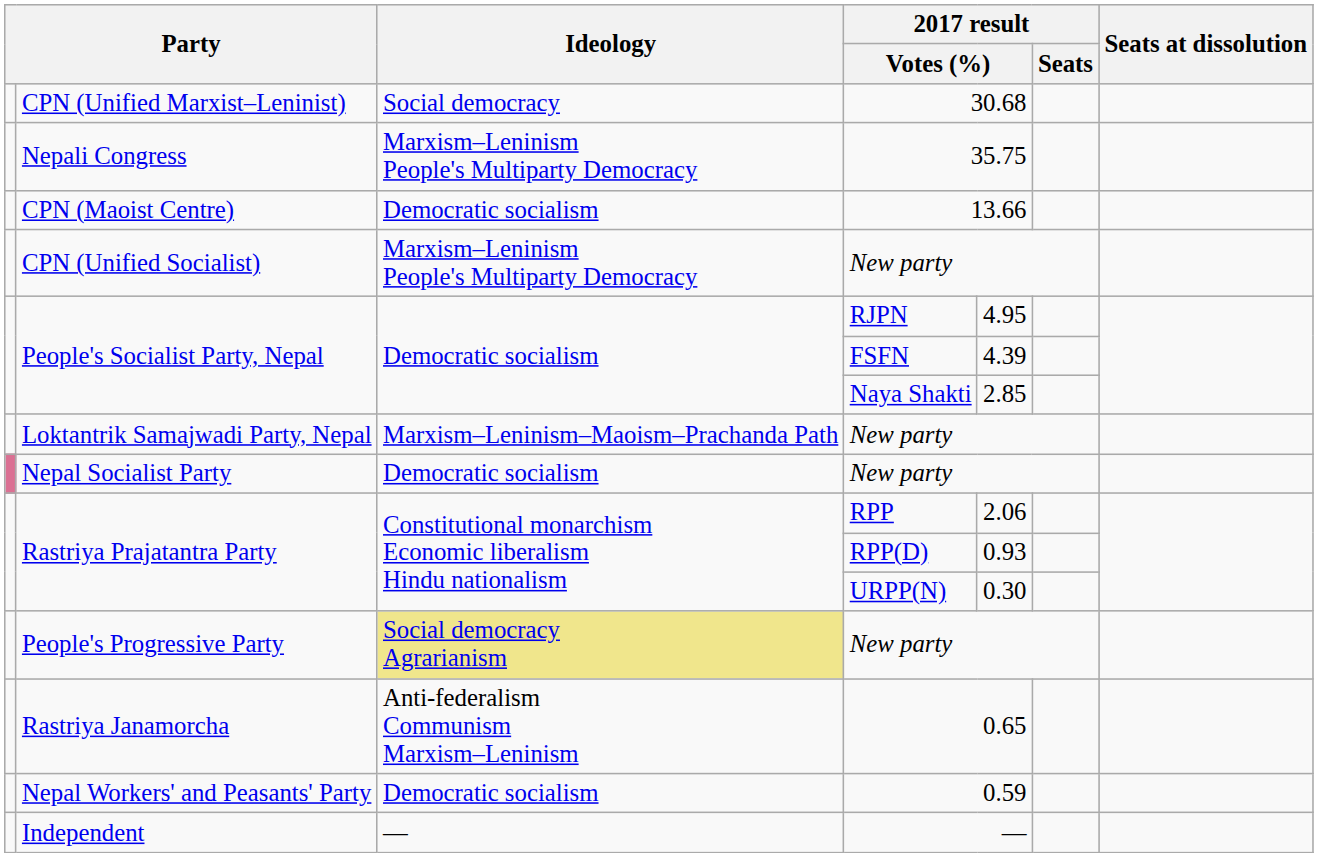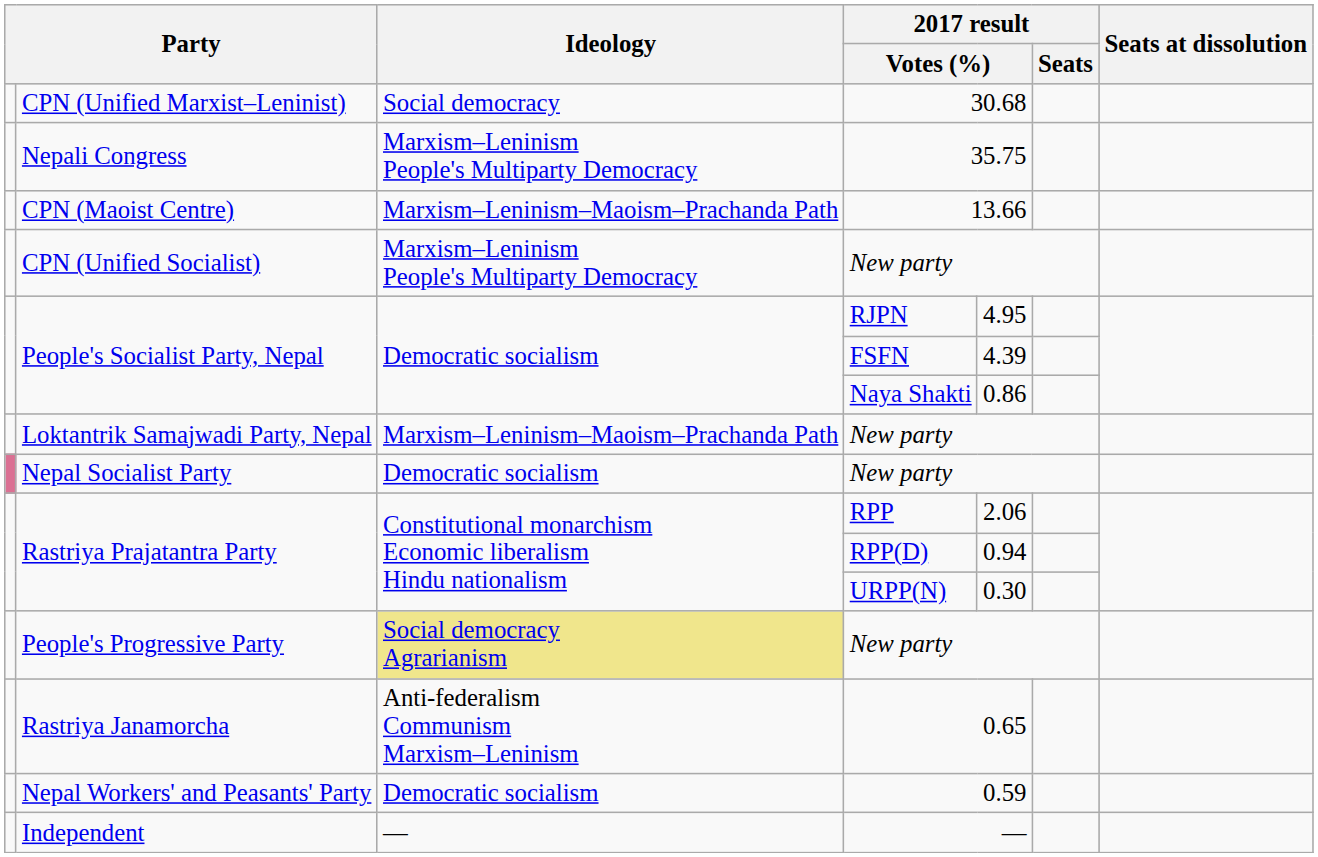 <table class="wikitable">
 <tr>
 <th colspan="2" rowspan="2">Party</th>
 <th rowspan="2">Ideology</th>
 <th colspan="3">2017 result</th>
 <th rowspan="2">Seats at dissolution</th>
 </tr>
 <tr>
 <th colspan="2">Votes (%)</th>
 <th>Seats</th>
 </tr>
 <tr>
 <td></td>
 <td><a href='#'>CPN (Unified Marxist–Leninist)</a></td>
 <td><a href='#'>Social democracy</a></td>
 <td colspan="2" align=right>30.68</td>
 <td></td>
 <td></td>
 </tr>
 <tr>
 <td></td>
 <td><a href='#'>Nepali Congress</a></td>
 <td><a href='#'>Marxism–Leninism</a><br><a href='#'>People's Multiparty Democracy</a></td>
 <td colspan="2" align="right">35.75</td>
 <td></td>
 <td></td>
 </tr>
 <tr>
 <td></td>
 <td><a href='#'>CPN (Maoist Centre)</a></td>
-<td><a href='#'>Democratic socialism</a></td>
+<td><a href='#'>Marxism–Leninism–Maoism–Prachanda Path</a></td>
 <td colspan="2" align="right">13.66</td>
 <td></td>
 <td></td>
 </tr>
 <tr>
 <td></td>
 <td><a href='#'>CPN (Unified Socialist)</a></td>
 <td><a href='#'>Marxism–Leninism</a><br><a href='#'>People's Multiparty Democracy</a></td>
 <td colspan="3"><em>New party</em></td>
 <td></td>
 </tr>
 <tr>
 <td rowspan="3"></td>
 <td rowspan="3"><a href='#'>People's Socialist Party, Nepal</a></td>
 <td rowspan="3"><a href='#'>Democratic socialism</a></td>
 <td><a href='#'>RJPN</a></td>
 <td>4.95</td>
 <td></td>
 <td rowspan="3"></td>
 </tr>
 <tr>
 <td><a href='#'>FSFN</a></td>
 <td>4.39</td>
 <td></td>
 </tr>
 <tr>
 <td><a href='#'>Naya Shakti</a></td>
-<td>2.85</td>
+<td>0.86</td>
 <td></td>
 </tr>
 <tr>
 <td></td>
 <td><a href='#'>Loktantrik Samajwadi Party, Nepal</a></td>
 <td><a href='#'>Marxism–Leninism–Maoism–Prachanda Path</a></td>
 <td colspan="3"><em>New party</em></td>
 <td></td>
 </tr>
 <tr>
 <td bgcolor=#db7093></td>
 <td><a href='#'>Nepal Socialist Party</a></td>
 <td><a href='#'>Democratic socialism</a></td>
 <td colspan="3"><em>New party</em></td>
 <td></td>
 </tr>
 <tr>
 <td rowspan="3"></td>
 <td rowspan="3"><a href='#'>Rastriya Prajatantra Party</a></td>
 <td rowspan="3"><a href='#'>Constitutional monarchism</a><br><a href='#'>Economic liberalism</a><br><a href='#'>Hindu nationalism</a></td>
 <td><a href='#'>RPP</a></td>
 <td>2.06</td>
 <td></td>
 <td rowspan="3"></td>
 </tr>
 <tr>
 <td><a href='#'>RPP(D)</a></td>
-<td>0.93</td>
+<td>0.94</td>
 <td></td>
 </tr>
 <tr>
 <td><a href='#'>URPP(N)</a></td>
 <td>0.30</td>
 <td></td>
 </tr>
 <tr>
 <td></td>
 <td><a href='#'>People's Progressive Party</a></td>
 <td style="background: khaki;"><a href='#'>Social democracy</a><br><a href='#'>Agrarianism</a></td>
 <td colspan="3"><em>New party</em></td>
 <td></td>
 </tr>
 <tr>
 <td></td>
 <td><a href='#'>Rastriya Janamorcha</a></td>
 <td>Anti-federalism<br><a href='#'>Communism</a><br><a href='#'>Marxism–Leninism</a></td>
 <td colspan="2" align=right>0.65</td>
 <td></td>
 <td></td>
 </tr>
 <tr>
 <td></td>
 <td><a href='#'>Nepal Workers' and Peasants' Party</a></td>
 <td><a href='#'>Democratic socialism</a></td>
 <td colspan="2" align=right>0.59</td>
 <td></td>
 <td></td>
 </tr>
 <tr>
 <td></td>
 <td><a href='#'>Independent</a></td>
 <td>—</td>
 <td colspan="2" align=right>—</td>
 <td></td>
 <td></td>
 </tr>
 </table>
